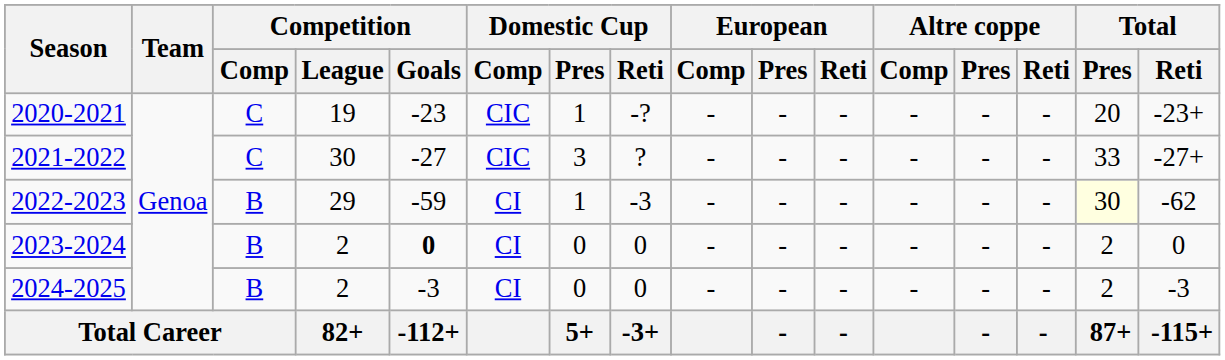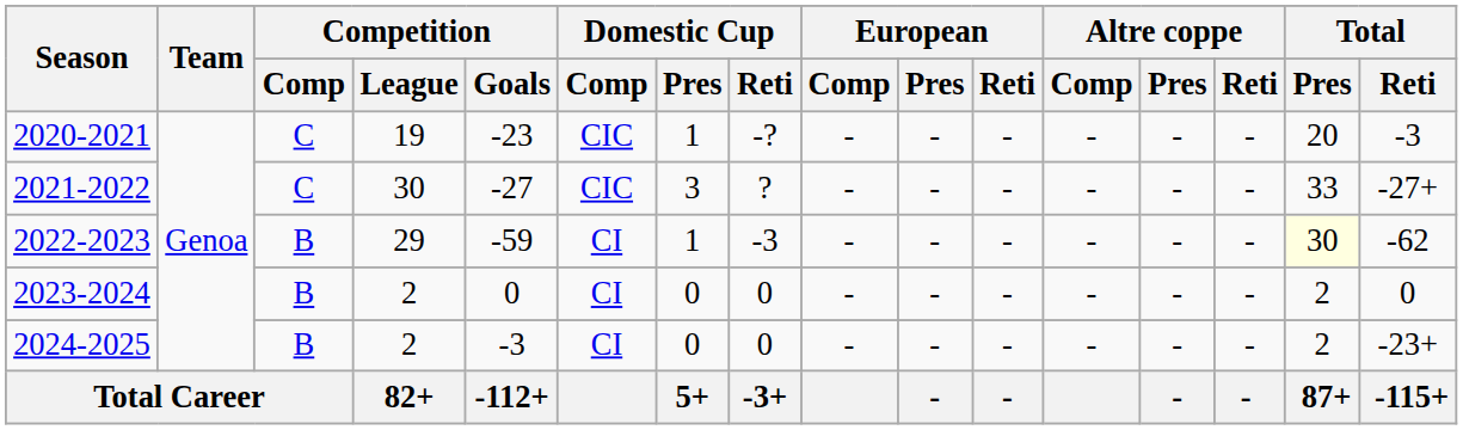 <table class="wikitable center" style="text-align:center; font-size:90%">
 <tr>
 <th rowspan="2">Season</th>
 <th rowspan="2">Team</th>
 <th colspan="3">Competition</th>
 <th colspan="3">Domestic Cup</th>
 <th colspan="3">European</th>
 <th colspan="3">Altre coppe</th>
 <th colspan="2">Total</th>
 </tr>
 <tr>
 <th>Comp</th>
 <th>League</th>
 <th>Goals</th>
 <th>Comp</th>
 <th>Pres</th>
 <th>Reti</th>
 <th>Comp</th>
 <th>Pres</th>
 <th>Reti</th>
 <th>Comp</th>
 <th>Pres</th>
 <th>Reti</th>
 <th>Pres</th>
 <th>Reti</th>
 </tr>
 <tr>
 <td><a href='#'>2020-2021</a></td>
 <td rowspan="5"> <a href='#'>Genoa</a></td>
 <td><a href='#'>C</a></td>
 <td>19</td>
 <td>-23</td>
 <td><a href='#'>CIC</a></td>
 <td>1</td>
 <td>-?</td>
 <td>-</td>
 <td>-</td>
 <td>-</td>
 <td>-</td>
 <td>-</td>
 <td>-</td>
 <td>20</td>
-<td>-23+</td>
+<td>-3</td>
 </tr>
 <tr>
 <td><a href='#'>2021-2022</a></td>
 <td><a href='#'>C</a></td>
 <td>30</td>
 <td>-27</td>
 <td><a href='#'>CIC</a></td>
 <td>3</td>
 <td>?</td>
 <td>-</td>
 <td>-</td>
 <td>-</td>
 <td>-</td>
 <td>-</td>
 <td>-</td>
 <td>33</td>
 <td>-27+</td>
 </tr>
 <tr>
 <td><a href='#'>2022-2023</a></td>
 <td><a href='#'>B</a></td>
 <td>29</td>
 <td>-59</td>
 <td><a href='#'>CI</a></td>
 <td>1</td>
 <td>-3</td>
 <td>-</td>
 <td>-</td>
 <td>-</td>
 <td>-</td>
 <td>-</td>
 <td>-</td>
 <td style="background: lightyellow;">30</td>
 <td>-62</td>
 </tr>
 <tr>
 <td><a href='#'>2023-2024</a></td>
 <td><a href='#'>B</a></td>
 <td>2</td>
-<td><strong>0</strong></td>
+<td>0</td>
 <td><a href='#'>CI</a></td>
 <td>0</td>
 <td>0</td>
 <td>-</td>
 <td>-</td>
 <td>-</td>
 <td>-</td>
 <td>-</td>
 <td>-</td>
 <td>2</td>
 <td>0</td>
 </tr>
 <tr>
 <td><a href='#'>2024-2025</a></td>
 <td><a href='#'>B</a></td>
 <td>2</td>
 <td>-3</td>
 <td><a href='#'>CI</a></td>
 <td>0</td>
 <td>0</td>
 <td>-</td>
 <td>-</td>
 <td>-</td>
 <td>-</td>
 <td>-</td>
 <td>-</td>
 <td>2</td>
-<td>-3</td>
+<td>-23+</td>
 </tr>
 <tr>
 <th colspan="3">Total Career</th>
 <th>82+</th>
 <th>-112+</th>
 <th></th>
 <th>5+</th>
 <th>-3+</th>
 <th></th>
 <th>-</th>
 <th>-</th>
 <th></th>
 <th>-</th>
 <th>- </th>
 <th> 87+</th>
 <th> -115+</th>
 </tr>
 </table>
